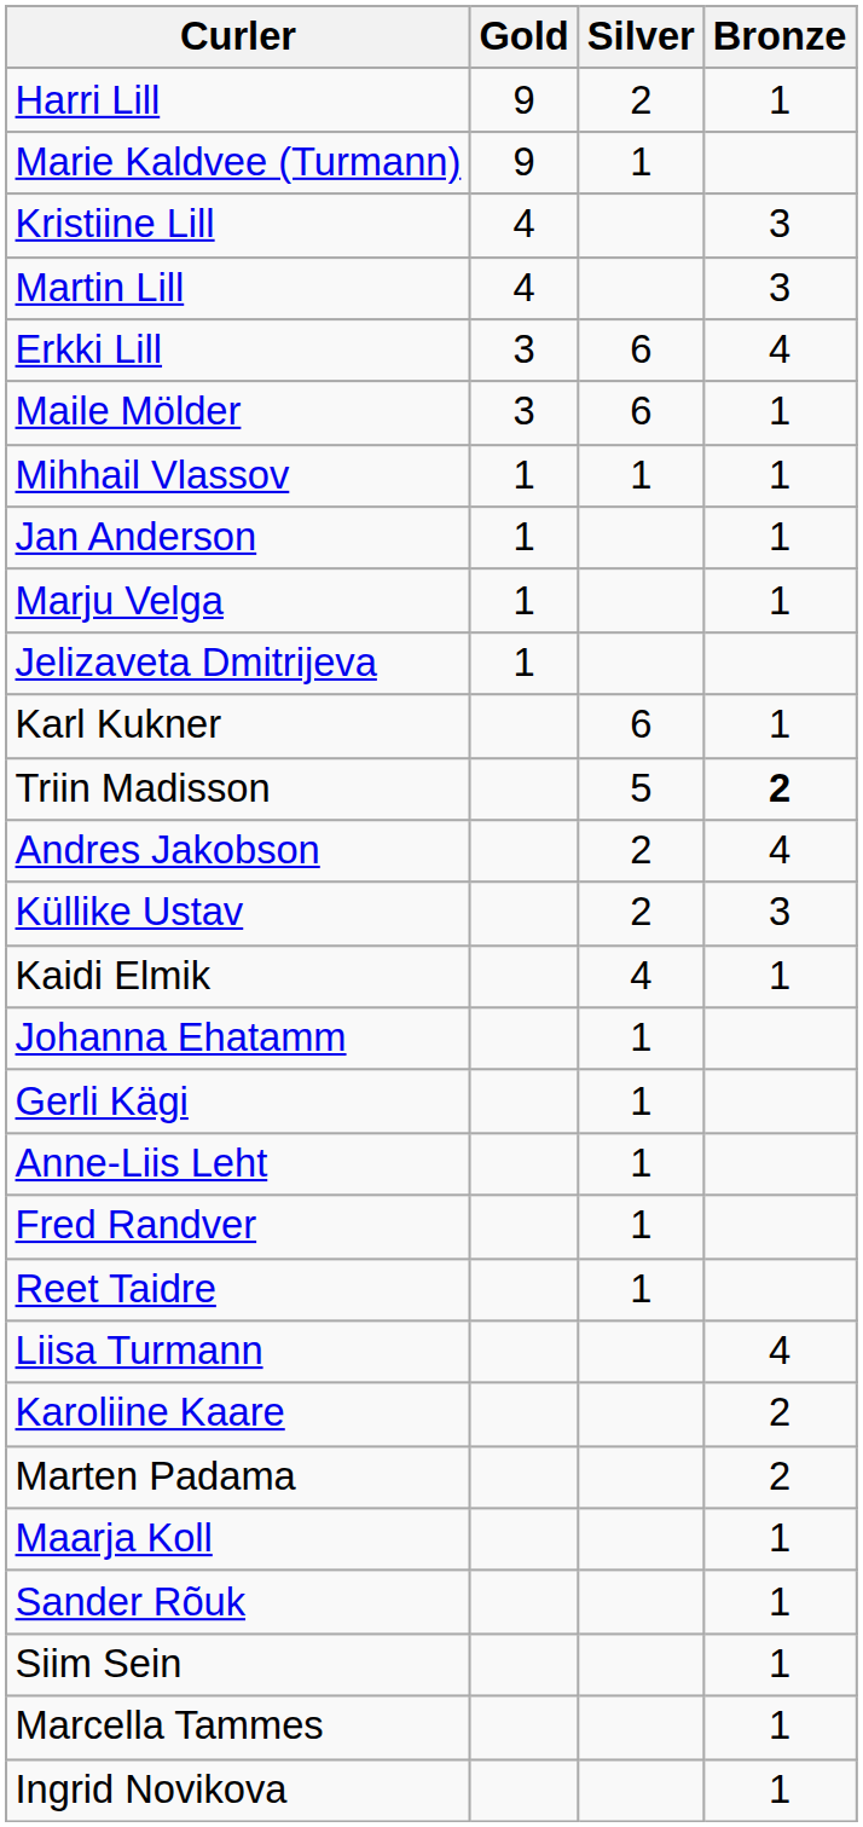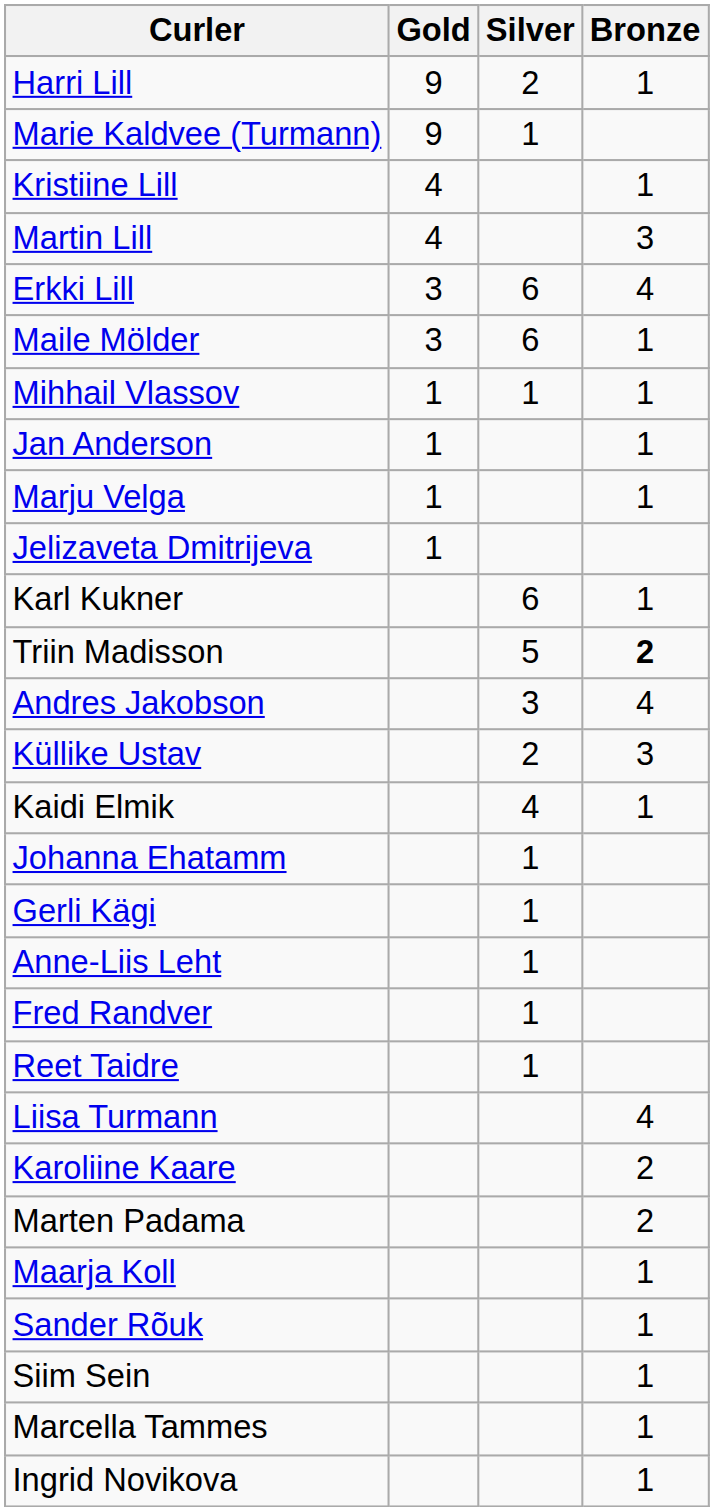 <table class="wikitable" style="text-align:center;">
 <tr>
 <th>Curler</th>
 <th>Gold</th>
 <th>Silver</th>
 <th>Bronze</th>
 </tr>
 <tr>
 <td align="left"><a href='#'>Harri Lill</a></td>
 <td>9</td>
 <td>2</td>
 <td>1</td>
 </tr>
 <tr>
 <td align="left"><a href='#'>Marie Kaldvee (Turmann)</a></td>
 <td>9</td>
 <td>1</td>
 <td></td>
 </tr>
 <tr>
 <td align="left"><a href='#'>Kristiine Lill</a></td>
 <td>4</td>
 <td></td>
-<td>3</td>
+<td>1</td>
 </tr>
 <tr>
 <td align="left"><a href='#'>Martin Lill</a></td>
 <td>4</td>
 <td></td>
 <td>3</td>
 </tr>
 <tr>
 <td align="left"><a href='#'>Erkki Lill</a></td>
 <td>3</td>
 <td>6</td>
 <td>4</td>
 </tr>
 <tr>
 <td align="left"><a href='#'>Maile Mölder</a></td>
 <td>3</td>
 <td>6</td>
 <td>1</td>
 </tr>
 <tr>
 <td align="left"><a href='#'>Mihhail Vlassov</a></td>
 <td>1</td>
 <td>1</td>
 <td>1</td>
 </tr>
 <tr>
 <td align="left"><a href='#'>Jan Anderson</a></td>
 <td>1</td>
 <td></td>
 <td>1</td>
 </tr>
 <tr>
 <td align="left"><a href='#'>Marju Velga</a></td>
 <td>1</td>
 <td></td>
 <td>1</td>
 </tr>
 <tr>
 <td align="left"><a href='#'>Jelizaveta Dmitrijeva</a></td>
 <td>1</td>
 <td></td>
 <td></td>
 </tr>
 <tr>
 <td align="left">Karl Kukner</td>
 <td></td>
 <td>6</td>
 <td>1</td>
 </tr>
 <tr>
 <td align="left">Triin Madisson</td>
 <td></td>
 <td>5</td>
 <td><strong>2</strong></td>
 </tr>
 <tr>
 <td align="left"><a href='#'>Andres Jakobson</a></td>
 <td></td>
-<td>2</td>
+<td>3</td>
 <td>4</td>
 </tr>
 <tr>
 <td align="left"><a href='#'>Küllike Ustav</a></td>
 <td></td>
 <td>2</td>
 <td>3</td>
 </tr>
 <tr>
 <td align="left">Kaidi Elmik</td>
 <td></td>
 <td>4</td>
 <td>1</td>
 </tr>
 <tr>
 <td align="left"><a href='#'>Johanna Ehatamm</a></td>
 <td></td>
 <td>1</td>
 <td></td>
 </tr>
 <tr>
 <td align="left"><a href='#'>Gerli Kägi</a></td>
 <td></td>
 <td>1</td>
 <td></td>
 </tr>
 <tr>
 <td align="left"><a href='#'>Anne-Liis Leht</a></td>
 <td></td>
 <td>1</td>
 <td></td>
 </tr>
 <tr>
 <td align="left"><a href='#'>Fred Randver</a></td>
 <td></td>
 <td>1</td>
 <td></td>
 </tr>
 <tr>
 <td align="left"><a href='#'>Reet Taidre</a></td>
 <td></td>
 <td>1</td>
 <td></td>
 </tr>
 <tr>
 <td align="left"><a href='#'>Liisa Turmann</a></td>
 <td></td>
 <td></td>
 <td>4</td>
 </tr>
 <tr>
 <td align="left"><a href='#'>Karoliine Kaare</a></td>
 <td></td>
 <td></td>
 <td>2</td>
 </tr>
 <tr>
 <td align="left">Marten Padama</td>
 <td></td>
 <td></td>
 <td>2</td>
 </tr>
 <tr>
 <td align="left"><a href='#'>Maarja Koll</a></td>
 <td></td>
 <td></td>
 <td>1</td>
 </tr>
 <tr>
 <td align="left"><a href='#'>Sander Rõuk</a></td>
 <td></td>
 <td></td>
 <td>1</td>
 </tr>
 <tr>
 <td align="left">Siim Sein</td>
 <td></td>
 <td></td>
 <td>1</td>
 </tr>
 <tr>
 <td align="left">Marcella Tammes</td>
 <td></td>
 <td></td>
 <td>1</td>
 </tr>
 <tr>
 <td align="left">Ingrid Novikova</td>
 <td></td>
 <td></td>
 <td>1</td>
 </tr>
 </table>
